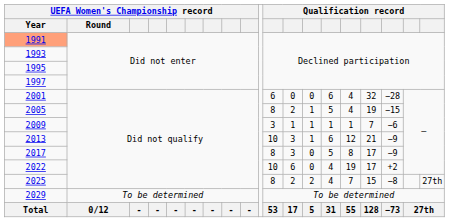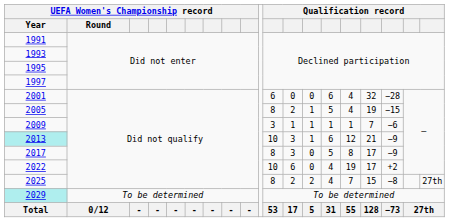 <table class="wikitable" style="text-align: center; font-size: 90%;">
 <tr>
 <th colspan=9><a href='#'>UEFA Women's Championship</a> record</th>
 <td width=1% rowspan=100></td>
 <th colspan=9>Qualification record</th>
 </tr>
 <tr>
 <th width=100>Year</th>
 <th width=100>Round</th>
 <th width=25></th>
 <th width=25></th>
 <th width=25></th>
 <th width=25></th>
 <th width=25></th>
 <th width=25></th>
 <th width=25><br></th>
 <th width=25></th>
 <th width=25></th>
 <th width=25></th>
 <th width=25></th>
 <th width=25></th>
 <th width=25></th>
 <th width=25></th>
 <th width=25></th>
 <th width=25></th>
 </tr>
 <tr>
-<td style="background: lightsalmon;"> <a href='#'>1991</a></td>
+<td> <a href='#'>1991</a></td>
 <td rowspan=4 colspan=8>Did not enter</td>
 <td rowspan=4 colspan=9>Declined participation</td>
 </tr>
 <tr>
 <td> <a href='#'>1993</a></td>
 </tr>
 <tr>
 <td> <a href='#'>1995</a></td>
 </tr>
 <tr>
 <td> <a href='#'>1997</a></td>
 </tr>
 <tr>
 <td> <a href='#'>2001</a></td>
 <td rowspan=7 colspan=9>Did not qualify</td>
 <td>6</td>
 <td>0</td>
 <td>0</td>
 <td>6</td>
 <td>4</td>
 <td>32</td>
 <td>−28</td>
 <td colspan=2 rowspan=6>–</td>
 </tr>
 <tr>
 <td> <a href='#'>2005</a></td>
 <td>8</td>
 <td>2</td>
 <td>1</td>
 <td>5</td>
 <td>4</td>
 <td>19</td>
 <td>−15</td>
 </tr>
 <tr>
 <td> <a href='#'>2009</a></td>
 <td>3</td>
 <td>1</td>
 <td>1</td>
 <td>1</td>
 <td>1</td>
 <td>7</td>
 <td>−6</td>
 </tr>
 <tr>
-<td> <a href='#'>2013</a></td>
+<td style="background: paleturquoise;"> <a href='#'>2013</a></td>
 <td>10</td>
 <td>3</td>
 <td>1</td>
 <td>6</td>
 <td>12</td>
 <td>21</td>
 <td>−9</td>
 </tr>
 <tr>
 <td> <a href='#'>2017</a></td>
 <td>8</td>
 <td>3</td>
 <td>0</td>
 <td>5</td>
 <td>8</td>
 <td>17</td>
 <td>−9</td>
 </tr>
 <tr>
 <td> <a href='#'>2022</a></td>
 <td>10</td>
 <td>6</td>
 <td>0</td>
 <td>4</td>
 <td>19</td>
 <td>17</td>
 <td>+2</td>
 </tr>
 <tr>
 <td> <a href='#'>2025</a></td>
 <td>8</td>
 <td>2</td>
 <td>2</td>
 <td>4</td>
 <td>7</td>
 <td>15</td>
 <td>−8</td>
 <td></td>
 <td>27th</td>
 </tr>
 <tr>
-<td><a href='#'>2029</a></td>
+<td style="background: paleturquoise;"><a href='#'>2029</a></td>
 <td colspan=8><em>To be determined</em></td>
 <td colspan=9><em>To be determined</em></td>
 </tr>
 <tr>
 <th>Total</th>
 <th>0/12</th>
 <th>-</th>
 <th>-</th>
 <th>-</th>
 <th>-</th>
 <th>-</th>
 <th>-</th>
 <th>-</th>
 <th>53</th>
 <th>17</th>
 <th>5</th>
 <th>31</th>
 <th>55</th>
 <th>128</th>
 <th>−73</th>
 <th colspan=2>27th</th>
 </tr>
 </table>
